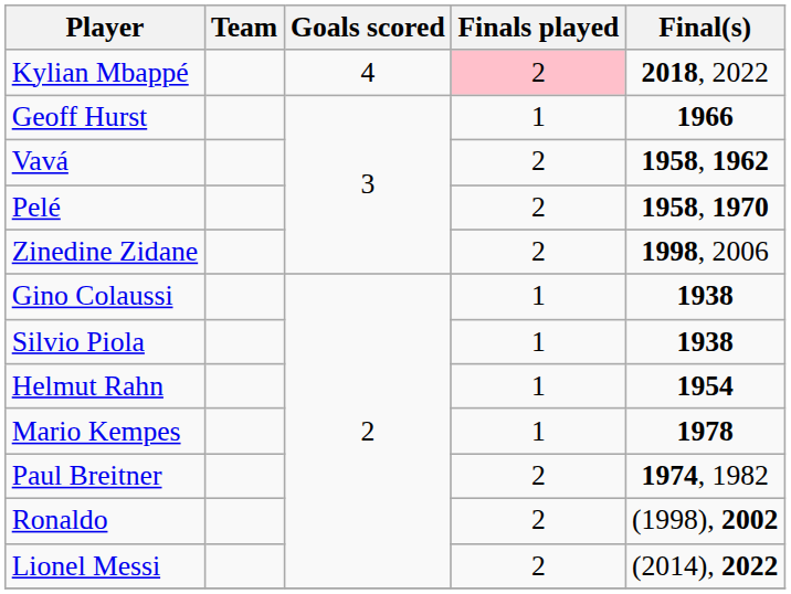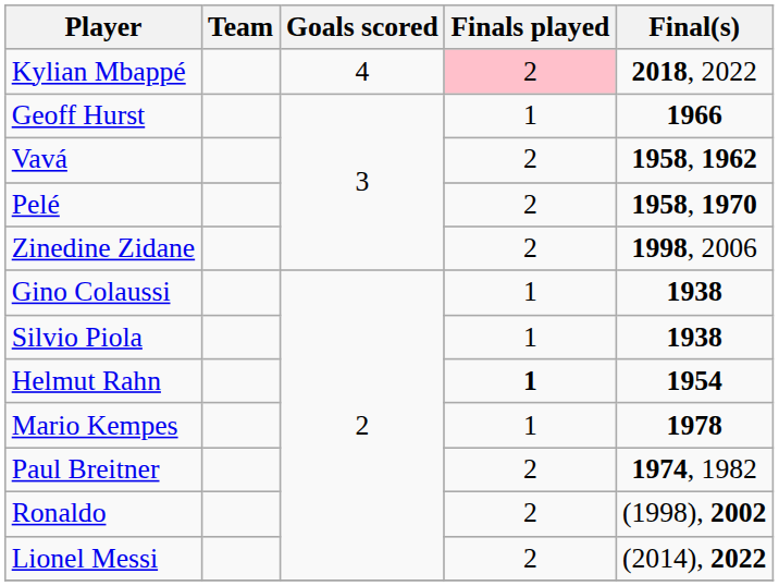 <table class="wikitable sortable" style="font-size:100%; text-align:center;">
 <tr>
 <th>Player</th>
 <th>Team</th>
 <th>Goals scored</th>
 <th>Finals played</th>
 <th>Final(s)</th>
 </tr>
 <tr>
 <td align=left><a href='#'>Kylian Mbappé</a></td>
 <td align=left></td>
 <td>4</td>
 <td style="background: pink;">2</td>
 <td><strong>2018</strong>, 2022</td>
 </tr>
 <tr>
 <td align=left><a href='#'>Geoff Hurst</a></td>
 <td align=left></td>
 <td rowspan=4>3</td>
 <td>1</td>
 <td><strong>1966</strong></td>
 </tr>
 <tr>
 <td align=left><a href='#'>Vavá</a></td>
 <td align=left></td>
 <td>2</td>
 <td><strong>1958</strong>, <strong>1962</strong></td>
 </tr>
 <tr>
 <td align=left><a href='#'>Pelé</a></td>
 <td align=left></td>
 <td>2</td>
 <td><strong>1958</strong>, <strong>1970</strong></td>
 </tr>
 <tr>
 <td align=left><a href='#'>Zinedine Zidane</a></td>
 <td align=left></td>
 <td>2</td>
 <td><strong>1998</strong>, 2006</td>
 </tr>
 <tr>
 <td align=left><a href='#'>Gino Colaussi</a></td>
 <td align=left></td>
 <td rowspan=7>2</td>
 <td>1</td>
 <td><strong>1938</strong></td>
 </tr>
 <tr>
 <td align=left><a href='#'>Silvio Piola</a></td>
 <td align=left></td>
 <td>1</td>
 <td><strong>1938</strong></td>
 </tr>
 <tr>
 <td align=left><a href='#'>Helmut Rahn</a></td>
 <td align=left></td>
-<td>1</td>
+<td><strong>1</strong></td>
 <td><strong>1954</strong></td>
 </tr>
 <tr>
 <td align=left><a href='#'>Mario Kempes</a></td>
 <td align=left></td>
 <td>1</td>
 <td><strong>1978</strong></td>
 </tr>
 <tr>
 <td align=left><a href='#'>Paul Breitner</a></td>
 <td align=left></td>
 <td>2</td>
 <td><strong>1974</strong>, 1982</td>
 </tr>
 <tr>
 <td align=left><a href='#'>Ronaldo</a></td>
 <td align=left></td>
 <td>2</td>
 <td>(1998), <strong>2002</strong></td>
 </tr>
 <tr>
 <td align=left><a href='#'>Lionel Messi</a></td>
 <td align=left></td>
 <td>2</td>
 <td>(2014), <strong>2022</strong></td>
 </tr>
 <tr>
 </tr>
 </table>
